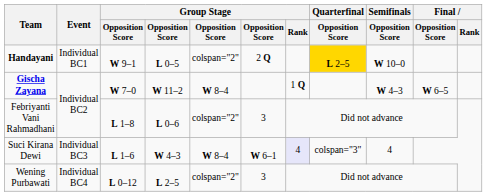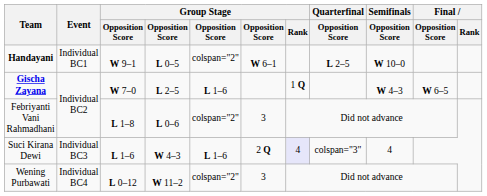 <table class="wikitable" style="font-size:85%">
 <tr>
 <th rowspan=2>Team</th>
 <th rowspan=2>Event</th>
 <th colspan=5>Group Stage</th>
 <th>Quarterfinal</th>
 <th>Semifinals</th>
 <th colspan=2>Final / </th>
 </tr>
 <tr style="font-size:90%">
 <th>Opposition<br>Score</th>
 <th>Opposition<br>Score</th>
 <th>Opposition<br>Score</th>
 <th>Opposition<br>Score</th>
 <th>Rank</th>
 <th>Opposition<br>Score</th>
 <th>Opposition<br>Score</th>
 <th>Opposition<br>Score</th>
 <th>Rank</th>
 </tr>
 <tr align=center>
 <td align=center><strong>Handayani</strong></td>
 <td align=center>Individual BC1</td>
 <td align=center><br><strong>W</strong> 9–1</td>
 <td align=center><br><strong>L</strong> 0–5</td>
 <td>colspan="2" </td>
-<td>2 <strong>Q</strong></td>
+<td align=center><br><strong>W</strong> 6–1</td>
 <td></td>
-<td align=center style="background: gold;"><br><strong>L</strong> 2–5</td>
+<td align=center><br><strong>L</strong> 2–5</td>
 <td align=center><br><strong>W</strong> 10–0</td>
 <td></td>
 </tr>
 <tr align=center>
 <td align=center><strong><a href='#'>Gischa Zayana</a></strong></td>
 <td align=center rowspan="2">Individual BC2</td>
 <td align=center><br><strong>W</strong> 7–0</td>
-<td align=center><br><strong>W</strong> 11–2</td>
-<td align=center><br><strong>W</strong> 8–4</td>
+<td align=center><br><strong>L</strong> 2–5</td>
+<td align=center><br><strong>L</strong> 1–6</td>
 <td></td>
 <td>1 <strong>Q</strong></td>
 <td></td>
 <td align=center><br><strong>W</strong> 4–3</td>
 <td align=center><br><strong>W</strong> 6–5</td>
 <td></td>
 </tr>
 <tr align=center>
 <td align=center>Febriyanti Vani Rahmadhani</td>
 <td align=center><br><strong>L</strong> 1–8</td>
 <td align=center><br><strong>L</strong> 0–6</td>
 <td>colspan="2"</td>
 <td>3</td>
 <td colspan="4">Did not advance</td>
 </tr>
 <tr align=center>
 <td align=center>Suci Kirana Dewi</td>
 <td align=center>Individual BC3</td>
 <td align=center><br><strong>L</strong> 1–6</td>
 <td align=center><br><strong>W</strong> 4–3</td>
-<td align=center><br><strong>W</strong> 8–4</td>
-<td align=center><br><strong>W</strong> 6–1</td>
+<td align=center><br><strong>L</strong> 1–6</td>
+<td>2 <strong>Q</strong></td>
 <td style="background: lavender;">4</td>
 <td>colspan="3" </td>
 <td>4</td>
 </tr>
 <tr align=center>
 <td align=center>Wening Purbawati</td>
 <td align=center rowspan="2">Individual BC4</td>
 <td align=center><br><strong>L</strong> 0–12</td>
-<td align=center><br><strong>L</strong> 2–5</td>
+<td align=center><br><strong>W</strong> 11–2</td>
 <td>colspan="2" </td>
 <td>3</td>
 <td colspan="4">Did not advance</td>
 </tr>
 </table>
